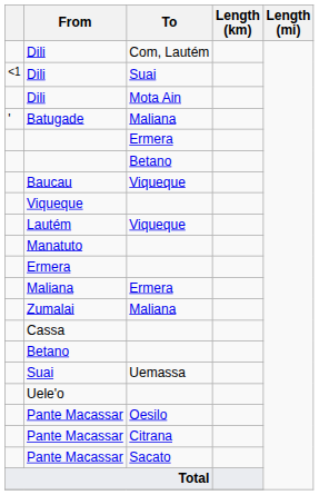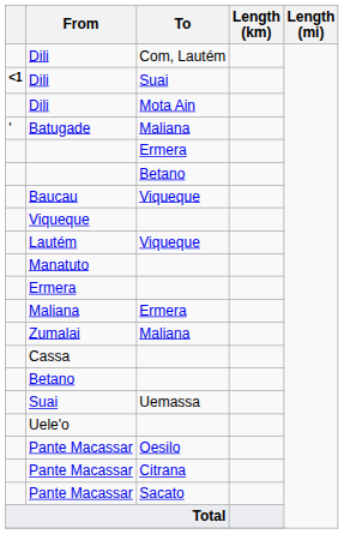 <table class="wikitable sortable">
 <tr>
 <th scope="col"></th>
 <th scope="col" class="unsortable">From</th>
 <th scope="col" class="unsortable">To</th>
 <th scope="col">Length<br>(km)</th>
 <th scope="col" class="unsortable">Length<br>(mi)</th>
 </tr>
 <tr>
 <td></td>
 <td><a href='#'>Dili</a></td>
 <td>Com, Lautém</td>
 <td></td>
 </tr>
 <tr>
-<td><sup><1</sup></td>
+<td><strong><sup><1</sup></strong></td>
 <td><a href='#'>Dili</a></td>
 <td><a href='#'>Suai</a></td>
 <td></td>
 </tr>
 <tr>
 <td></td>
 <td><a href='#'>Dili</a></td>
 <td><a href='#'>Mota Ain</a></td>
 <td></td>
 </tr>
 <tr>
 <td>'</td>
 <td><a href='#'>Batugade</a></td>
 <td><a href='#'>Maliana</a></td>
 <td></td>
 </tr>
 <tr>
 <td></td>
 <td></td>
 <td><a href='#'>Ermera</a></td>
 <td></td>
 </tr>
 <tr>
 <td></td>
 <td></td>
 <td><a href='#'>Betano</a></td>
 <td></td>
 </tr>
 <tr>
 <td></td>
 <td><a href='#'>Baucau</a></td>
 <td><a href='#'>Viqueque</a></td>
 <td></td>
 </tr>
 <tr>
 <td></td>
 <td><a href='#'>Viqueque</a></td>
 <td></td>
 <td></td>
 </tr>
 <tr>
 <td></td>
 <td><a href='#'>Lautém</a></td>
 <td><a href='#'>Viqueque</a></td>
 <td></td>
 </tr>
 <tr>
 <td></td>
 <td><a href='#'>Manatuto</a></td>
 <td></td>
 <td></td>
 </tr>
 <tr>
 <td></td>
 <td><a href='#'>Ermera</a></td>
 <td></td>
 <td></td>
 </tr>
 <tr>
 <td></td>
 <td><a href='#'>Maliana</a></td>
 <td><a href='#'>Ermera</a></td>
 <td></td>
 </tr>
 <tr>
 <td></td>
 <td><a href='#'>Zumalai</a></td>
 <td><a href='#'>Maliana</a></td>
 <td></td>
 </tr>
 <tr>
 <td></td>
 <td>Cassa</td>
 <td></td>
 <td></td>
 </tr>
 <tr>
 <td></td>
 <td><a href='#'>Betano</a></td>
 <td></td>
 <td></td>
 </tr>
 <tr>
 <td></td>
 <td><a href='#'>Suai</a></td>
 <td>Uemassa</td>
 <td></td>
 </tr>
 <tr>
 <td></td>
 <td>Uele'o</td>
 <td></td>
 <td></td>
 </tr>
 <tr>
 <td></td>
 <td><a href='#'>Pante Macassar</a></td>
 <td><a href='#'>Oesilo</a></td>
 <td></td>
 </tr>
 <tr>
 <td></td>
 <td><a href='#'>Pante Macassar</a></td>
 <td><a href='#'>Citrana</a></td>
 <td></td>
 </tr>
 <tr>
 <td></td>
 <td><a href='#'>Pante Macassar</a></td>
 <td><a href='#'>Sacato</a></td>
 <td></td>
 </tr>
 <tr style="background: #EAECF0;">
 <td colspan="3" style=text-align:right><strong>Total</strong></td>
 <td></td>
 </tr>
 <tr>
 </tr>
 </table>
